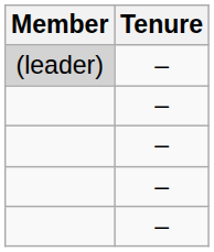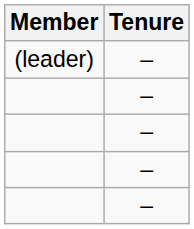 <table class="wikitable sortable" style="text-align:center;">
 <tr>
 <th>Member</th>
 <th>Tenure</th>
 </tr>
 <tr>
-<td style="background: lightgrey;"> (leader)</td>
+<td> (leader)</td>
 <td> – </td>
 </tr>
 <tr>
 <td></td>
 <td> – </td>
 </tr>
 <tr>
 <td></td>
 <td> – </td>
 </tr>
 <tr>
 <td></td>
 <td> – </td>
 </tr>
 <tr>
 <td></td>
 <td> – </td>
 </tr>
 </table>
